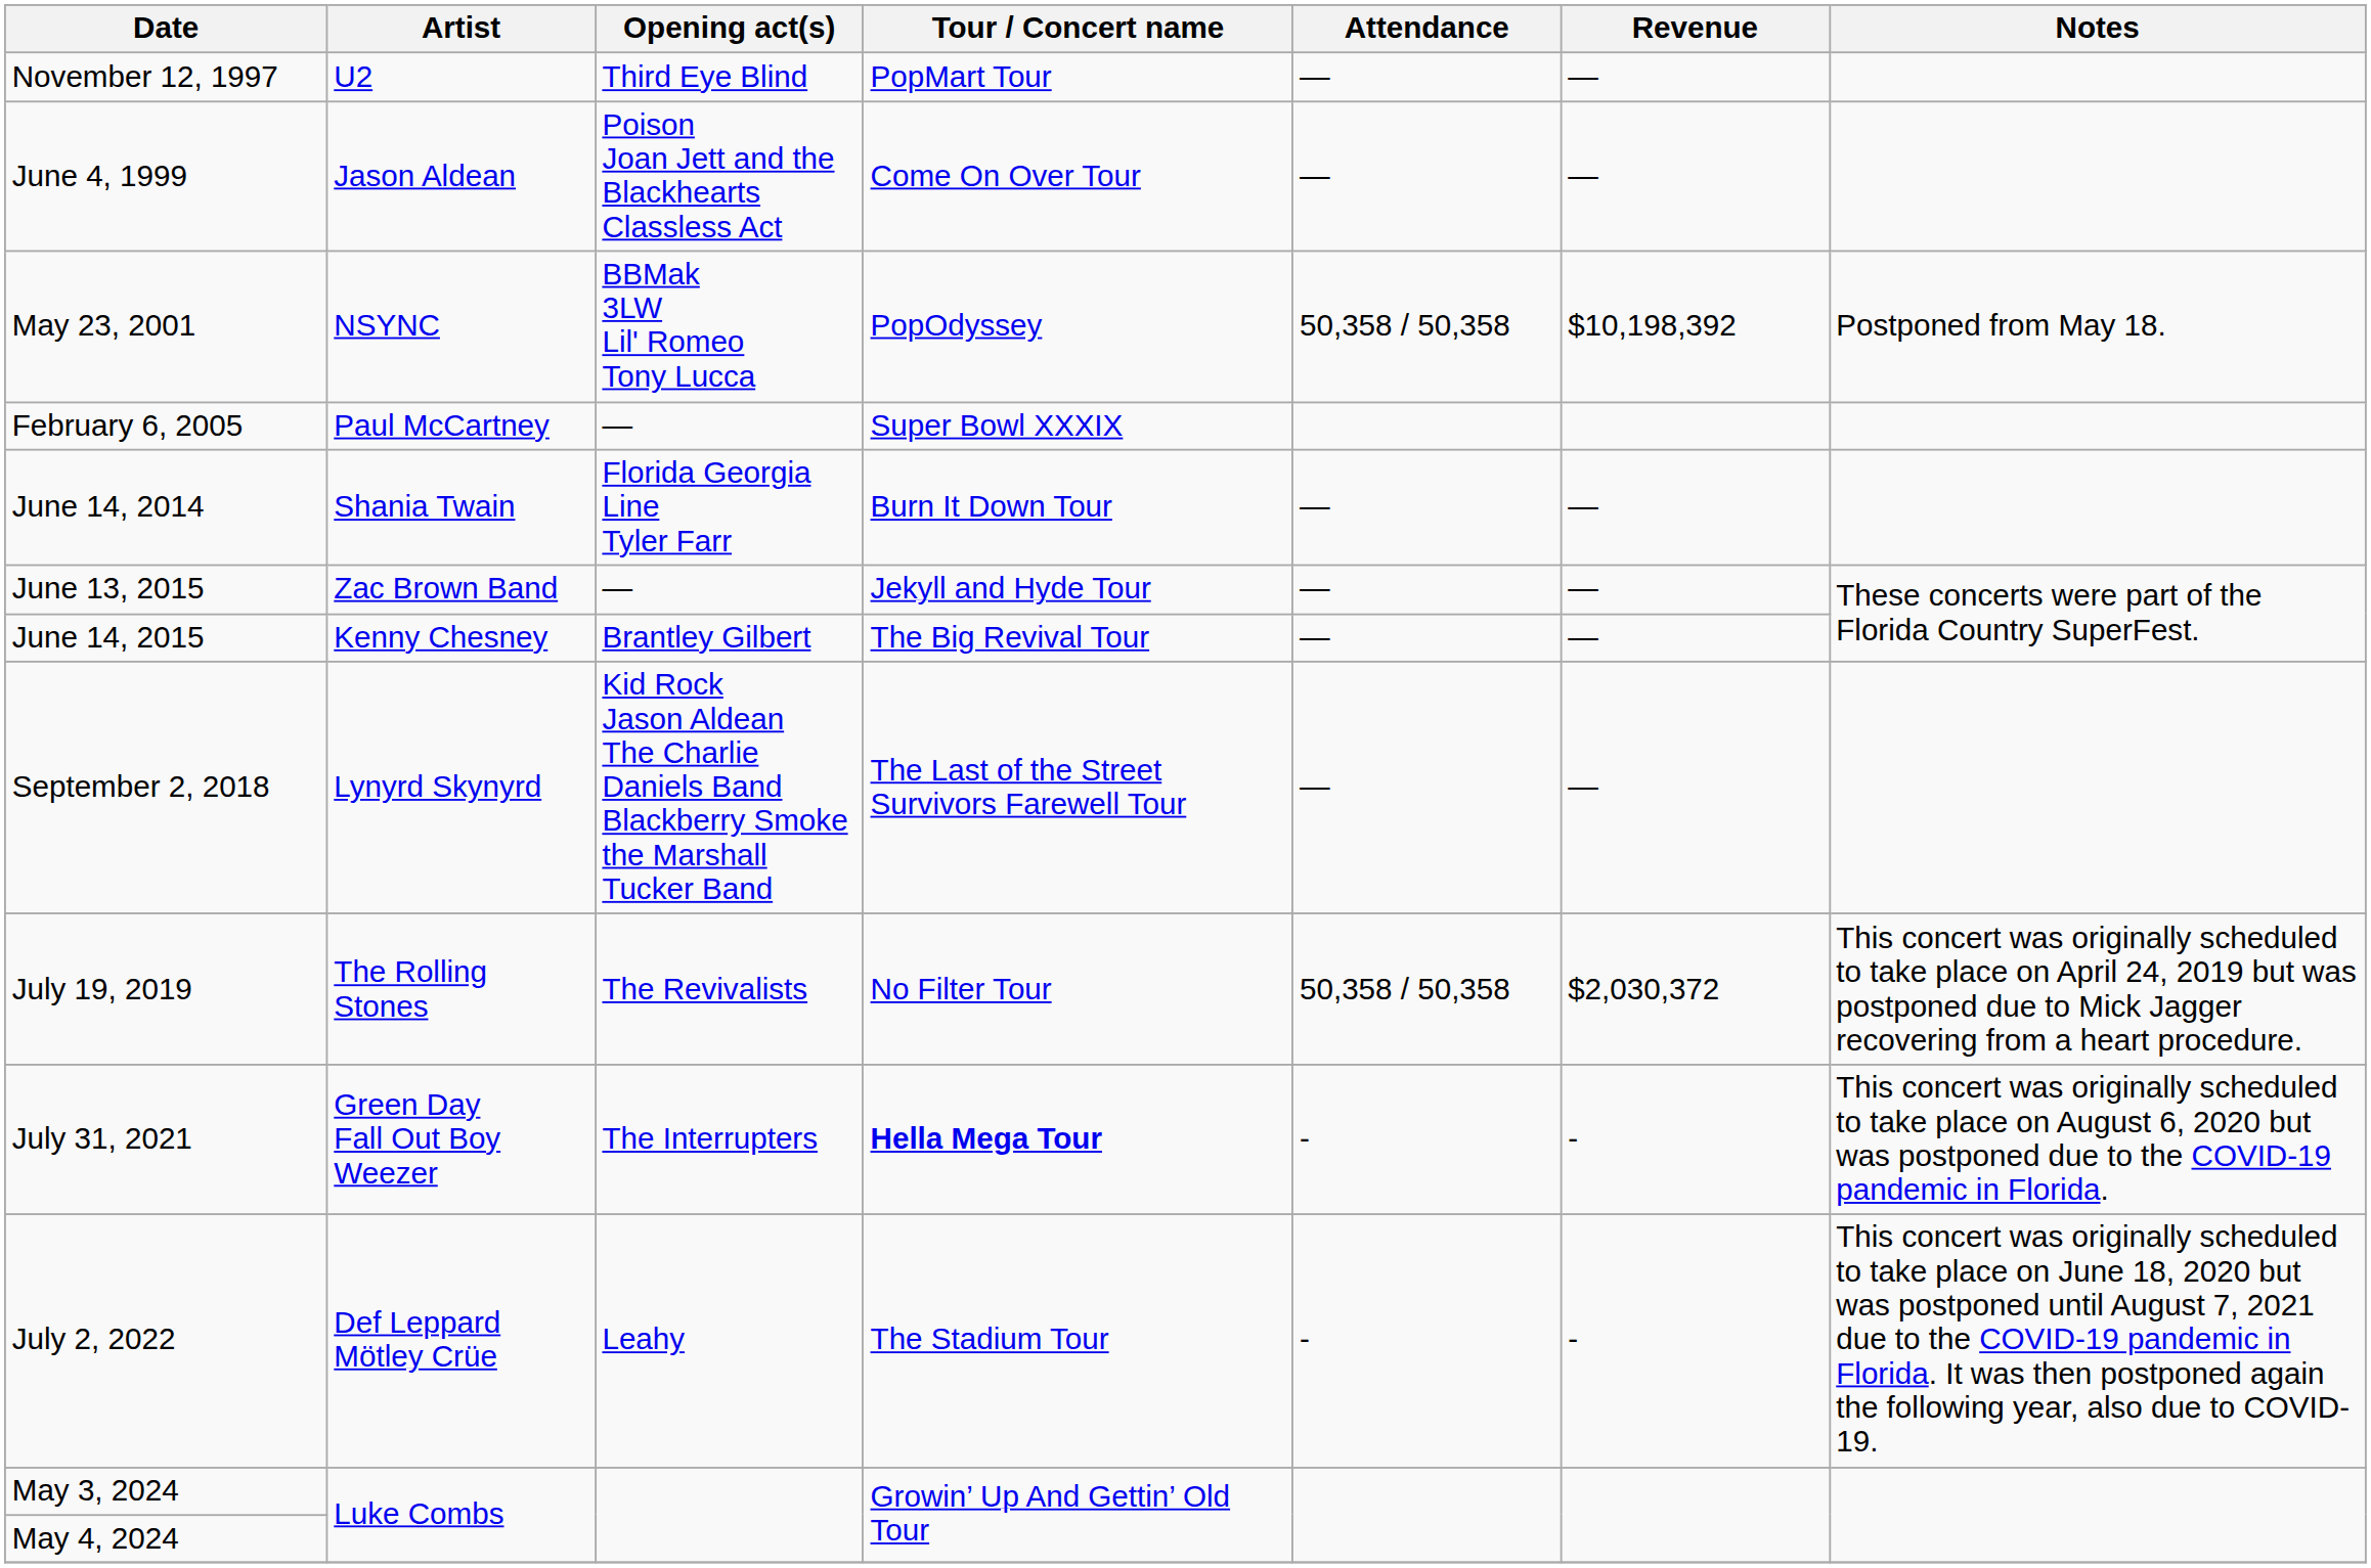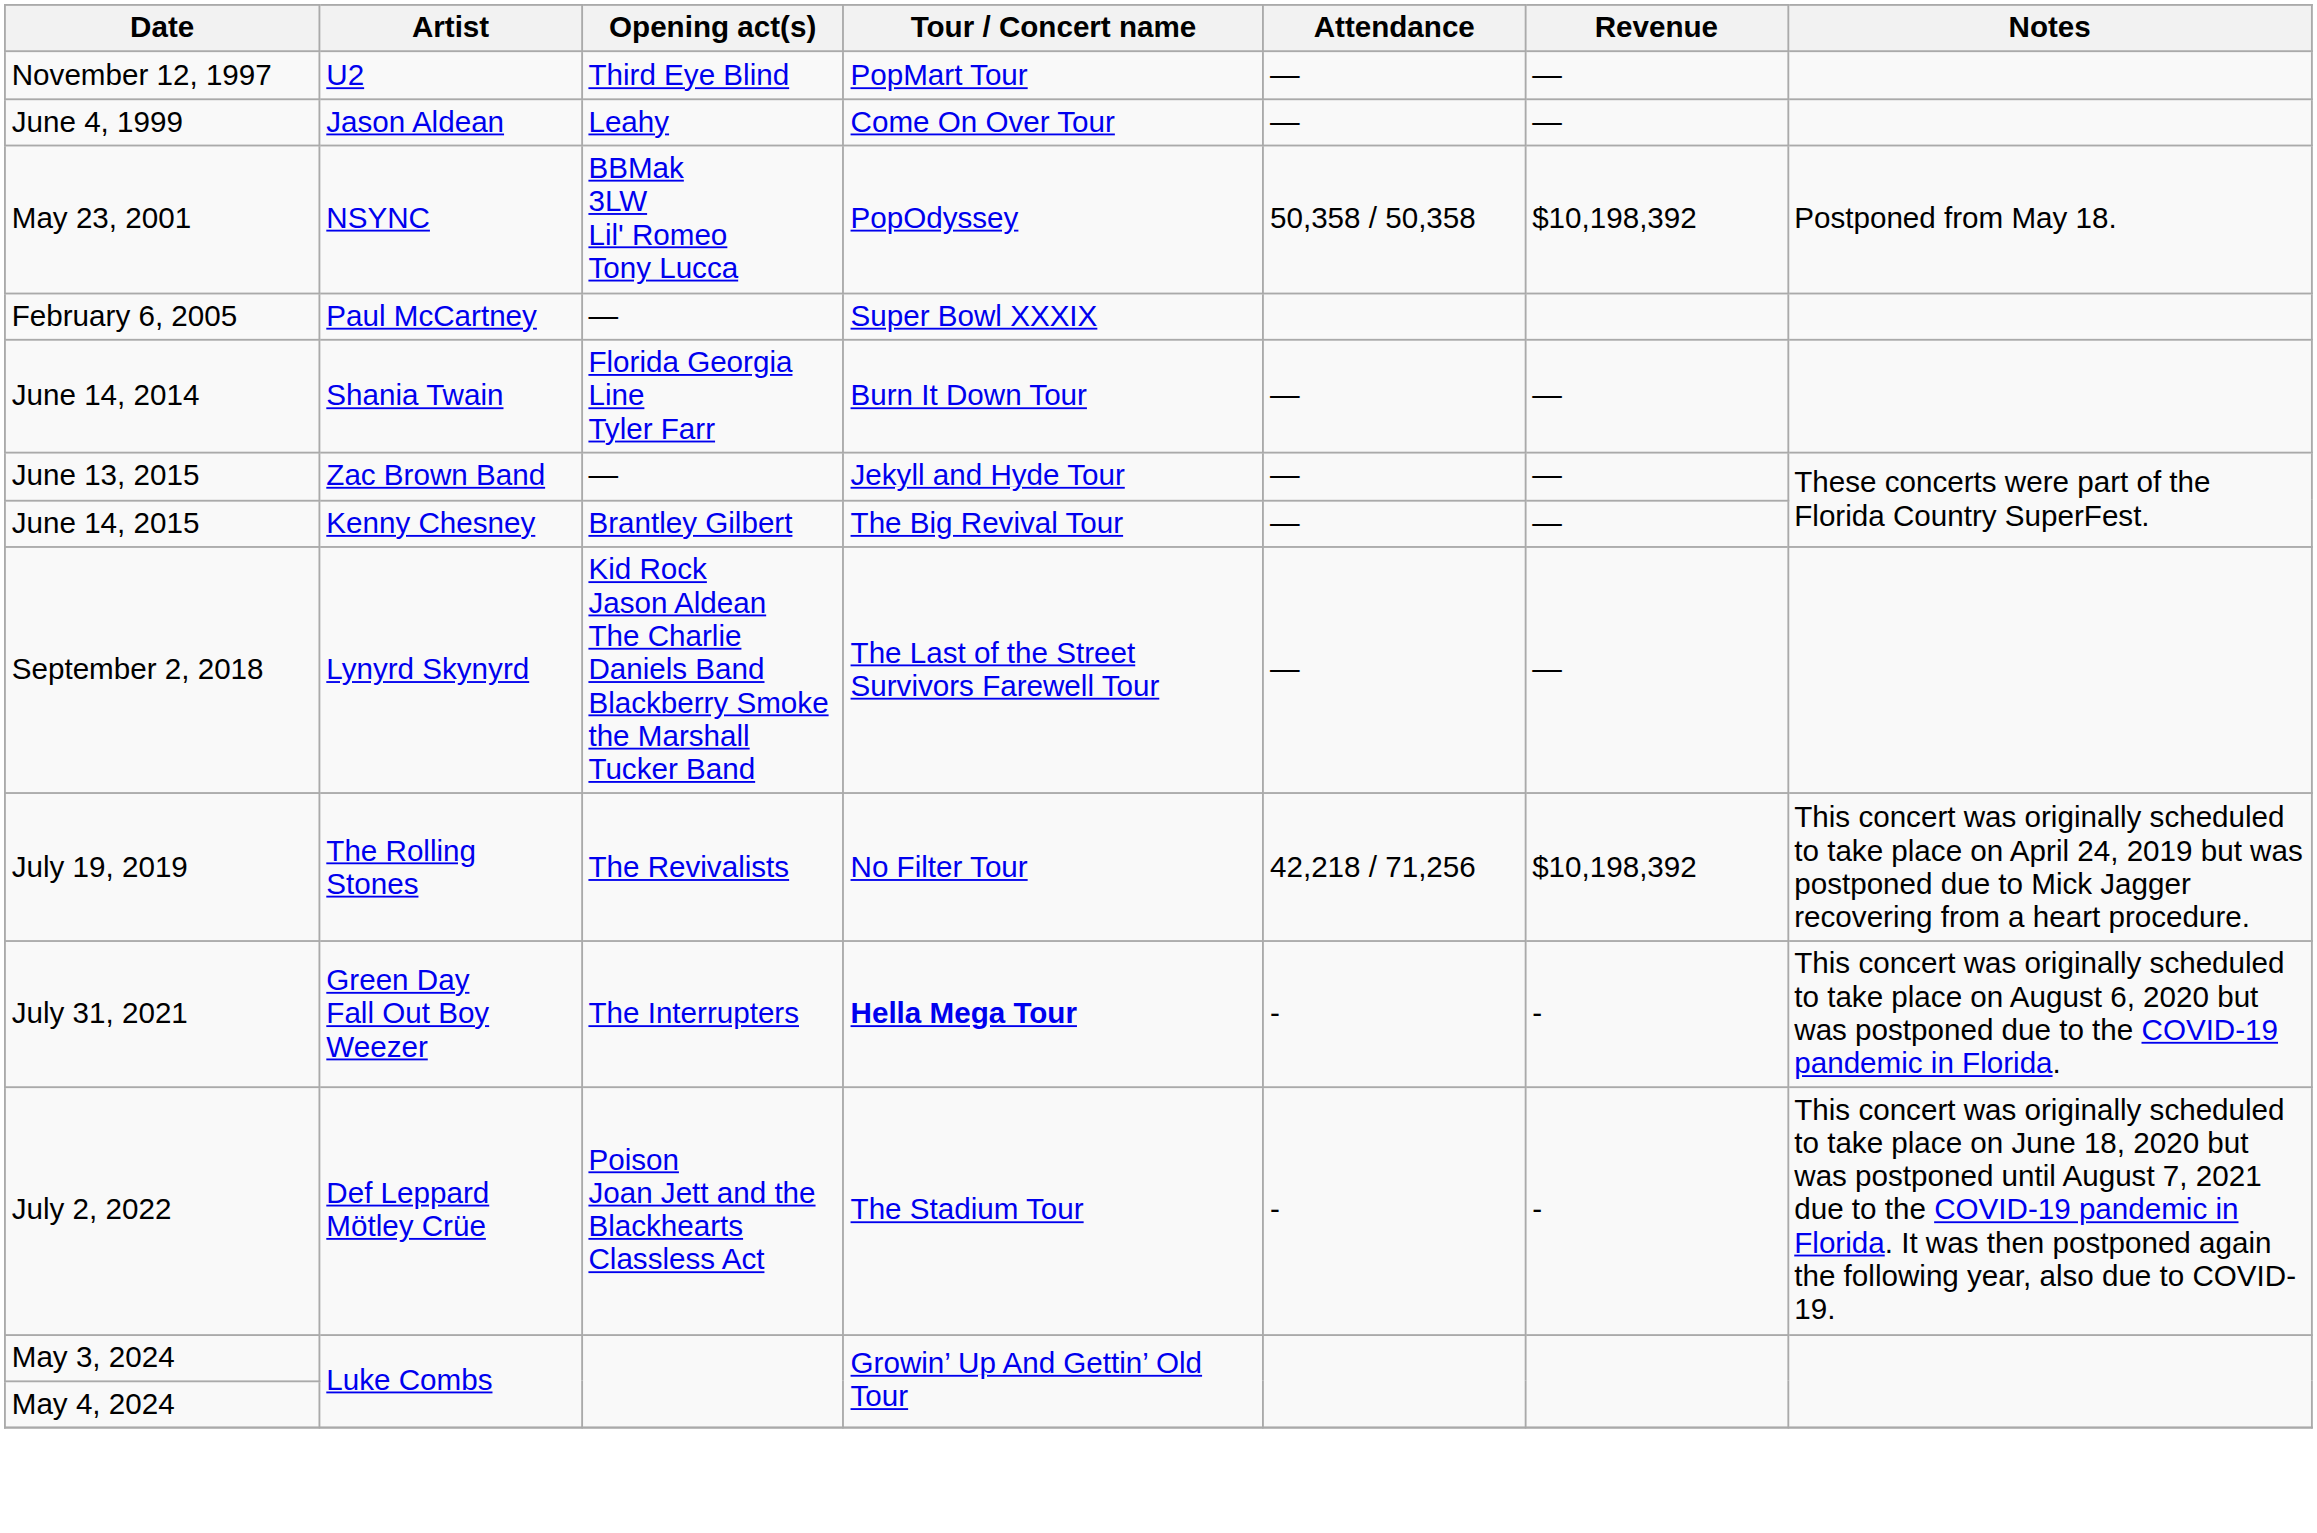 <table class="wikitable" style=font-size:100% style="text-align:center">
 <tr>
 <th width=12% style="text-align:center;">Date</th>
 <th width=10% style="text-align:center;">Artist</th>
 <th width=10% style="text-align:center;">Opening act(s)</th>
 <th width=16% style="text-align:center;">Tour / Concert name</th>
 <th width=10% style="text-align:center;">Attendance</th>
 <th width=10% style="text-align:center;">Revenue</th>
 <th width=20% style="text-align:center;">Notes</th>
 </tr>
 <tr>
 <td>November 12, 1997</td>
 <td><a href='#'>U2</a></td>
 <td><a href='#'>Third Eye Blind</a></td>
 <td><a href='#'>PopMart Tour</a></td>
 <td>—</td>
 <td>—</td>
 <td></td>
 </tr>
 <tr>
 <td>June 4, 1999</td>
 <td><a href='#'>Jason Aldean</a></td>
-<td><a href='#'>Poison</a><br><a href='#'>Joan Jett and the Blackhearts</a><br><a href='#'>Classless Act</a></td>
+<td><a href='#'>Leahy</a></td>
 <td><a href='#'>Come On Over Tour</a></td>
 <td>—</td>
 <td>—</td>
 <td></td>
 </tr>
 <tr>
 <td>May 23, 2001</td>
 <td><a href='#'>NSYNC</a></td>
 <td><a href='#'>BBMak</a><br><a href='#'>3LW</a><br><a href='#'>Lil' Romeo</a><br><a href='#'>Tony Lucca</a></td>
 <td><a href='#'>PopOdyssey</a></td>
 <td>50,358 / 50,358</td>
 <td>$10,198,392</td>
 <td>Postponed from May 18.</td>
 </tr>
 <tr>
 <td>February 6, 2005</td>
 <td><a href='#'>Paul McCartney</a></td>
 <td>—</td>
 <td><a href='#'>Super Bowl XXXIX</a></td>
 <td></td>
 <td></td>
 <td></td>
 </tr>
 <tr>
 <td>June 14, 2014</td>
 <td><a href='#'>Shania Twain</a></td>
 <td><a href='#'>Florida Georgia Line</a><br><a href='#'>Tyler Farr</a></td>
 <td><a href='#'>Burn It Down Tour</a></td>
 <td>—</td>
 <td>—</td>
 <td></td>
 </tr>
 <tr>
 <td>June 13, 2015</td>
 <td><a href='#'>Zac Brown Band</a></td>
 <td>—</td>
 <td><a href='#'>Jekyll and Hyde Tour</a></td>
 <td>—</td>
 <td>—</td>
 <td rowspan=2>These concerts were part of the Florida Country SuperFest.</td>
 </tr>
 <tr>
 <td>June 14, 2015</td>
 <td><a href='#'>Kenny Chesney</a></td>
 <td><a href='#'>Brantley Gilbert</a></td>
 <td><a href='#'>The Big Revival Tour</a></td>
 <td>—</td>
 <td>—</td>
 </tr>
 <tr>
 <td>September 2, 2018</td>
 <td><a href='#'>Lynyrd Skynyrd</a></td>
 <td><a href='#'>Kid Rock</a><br><a href='#'>Jason Aldean</a><br><a href='#'>The Charlie Daniels Band</a><br><a href='#'>Blackberry Smoke</a><br><a href='#'>the Marshall Tucker Band</a></td>
 <td><a href='#'>The Last of the Street Survivors Farewell Tour</a></td>
 <td>—</td>
 <td>—</td>
 <td></td>
 </tr>
 <tr>
 <td>July 19, 2019</td>
 <td><a href='#'>The Rolling Stones</a></td>
 <td><a href='#'>The Revivalists</a></td>
 <td><a href='#'>No Filter Tour</a></td>
-<td>50,358 / 50,358</td>
-<td>$2,030,372</td>
+<td>42,218 / 71,256</td>
+<td>$10,198,392</td>
 <td>This concert was originally scheduled to take place on April 24, 2019 but was postponed due to Mick Jagger recovering from a heart procedure.</td>
 </tr>
 <tr>
 <td>July 31, 2021</td>
 <td><a href='#'>Green Day</a><br><a href='#'>Fall Out Boy</a><br><a href='#'>Weezer</a></td>
 <td><a href='#'>The Interrupters</a></td>
 <td><strong><a href='#'>Hella Mega Tour</a></strong></td>
 <td>-</td>
 <td>-</td>
 <td>This concert was originally scheduled to take place on August 6, 2020 but was postponed due to the <a href='#'>COVID-19 pandemic in Florida</a>.</td>
 </tr>
 <tr>
 <td>July 2, 2022</td>
 <td><a href='#'>Def Leppard</a><br><a href='#'>Mötley Crüe</a></td>
-<td><a href='#'>Leahy</a></td>
+<td><a href='#'>Poison</a><br><a href='#'>Joan Jett and the Blackhearts</a><br><a href='#'>Classless Act</a></td>
 <td><a href='#'>The Stadium Tour</a></td>
 <td>-</td>
 <td>-</td>
 <td>This concert was originally scheduled to take place on June 18, 2020 but was postponed until August 7, 2021 due to the <a href='#'>COVID-19 pandemic in Florida</a>. It was then postponed again the following year, also due to COVID-19.</td>
 </tr>
 <tr>
 <td>May 3, 2024</td>
 <td rowspan="2"><a href='#'>Luke Combs</a></td>
 <td rowspan="2"></td>
 <td rowspan="2"><a href='#'>Growin’ Up And Gettin’ Old Tour</a></td>
 <td rowspan="2"></td>
 <td rowspan="2"></td>
 <td rowspan="2"></td>
 </tr>
 <tr>
 <td>May 4, 2024</td>
 </tr>
 <tr>
 </tr>
 </table>
